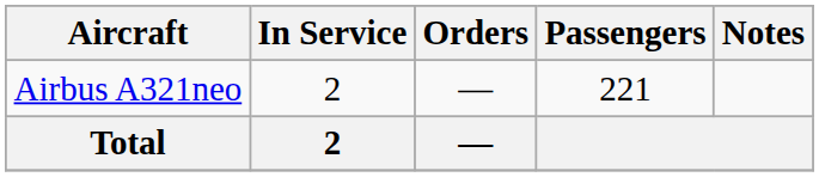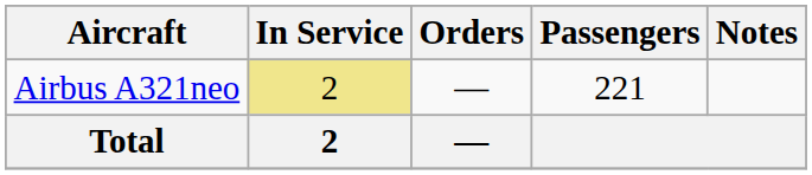 <table class="wikitable" style="border-collapse:collapse;text-align:center">
 <tr>
 <th>Aircraft</th>
 <th>In Service</th>
 <th>Orders</th>
 <th>Passengers</th>
 <th>Notes</th>
 </tr>
 <tr>
 <td><a href='#'>Airbus A321neo</a></td>
-<td>2</td>
+<td style="background: khaki;">2</td>
 <td>—</td>
 <td>221</td>
 <td></td>
 </tr>
 <tr>
 <th>Total</th>
 <th>2</th>
 <th>—</th>
 <th colspan="2"></th>
 </tr>
 <tr>
 </tr>
 </table>
